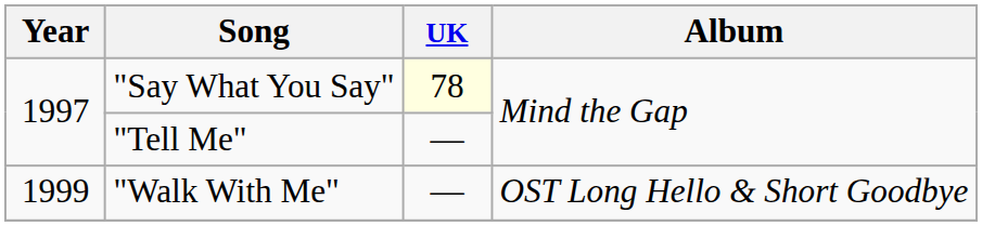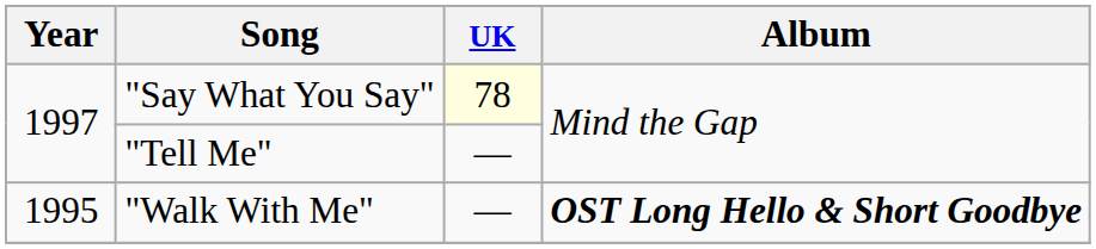 <table class="wikitable">
 <tr>
 <th align="center" valign="top" width="40">Year</th>
 <th align="left" valign="top">Song</th>
 <th width="35"><small><a href='#'>UK</a></small><br></th>
 <th align="left" valign="top">Album</th>
 </tr>
 <tr>
 <td align="center" valign="center" rowspan="2">1997</td>
 <td align="left" valign="top">"Say What You Say"</td>
 <td align="center" valign="center" style="background: lightyellow;">78</td>
 <td align="left" valign="center" rowspan="2"><em>Mind the Gap</em></td>
 </tr>
 <tr>
 <td align="left" valign="top">"Tell Me"</td>
 <td align="center" valign="center">—</td>
 </tr>
 <tr>
-<td align="center" valign="top">1999</td>
+<td align="center" valign="top">1995</td>
 <td align="left" valign="top">"Walk With Me"</td>
 <td align="center" valign="center">—</td>
-<td align="left" valign="top"><em>OST Long Hello & Short Goodbye</em></td>
+<td align="left" valign="top"><strong><em>OST Long Hello & Short Goodbye</em></strong></td>
 </tr>
 <tr>
 </tr>
 </table>
